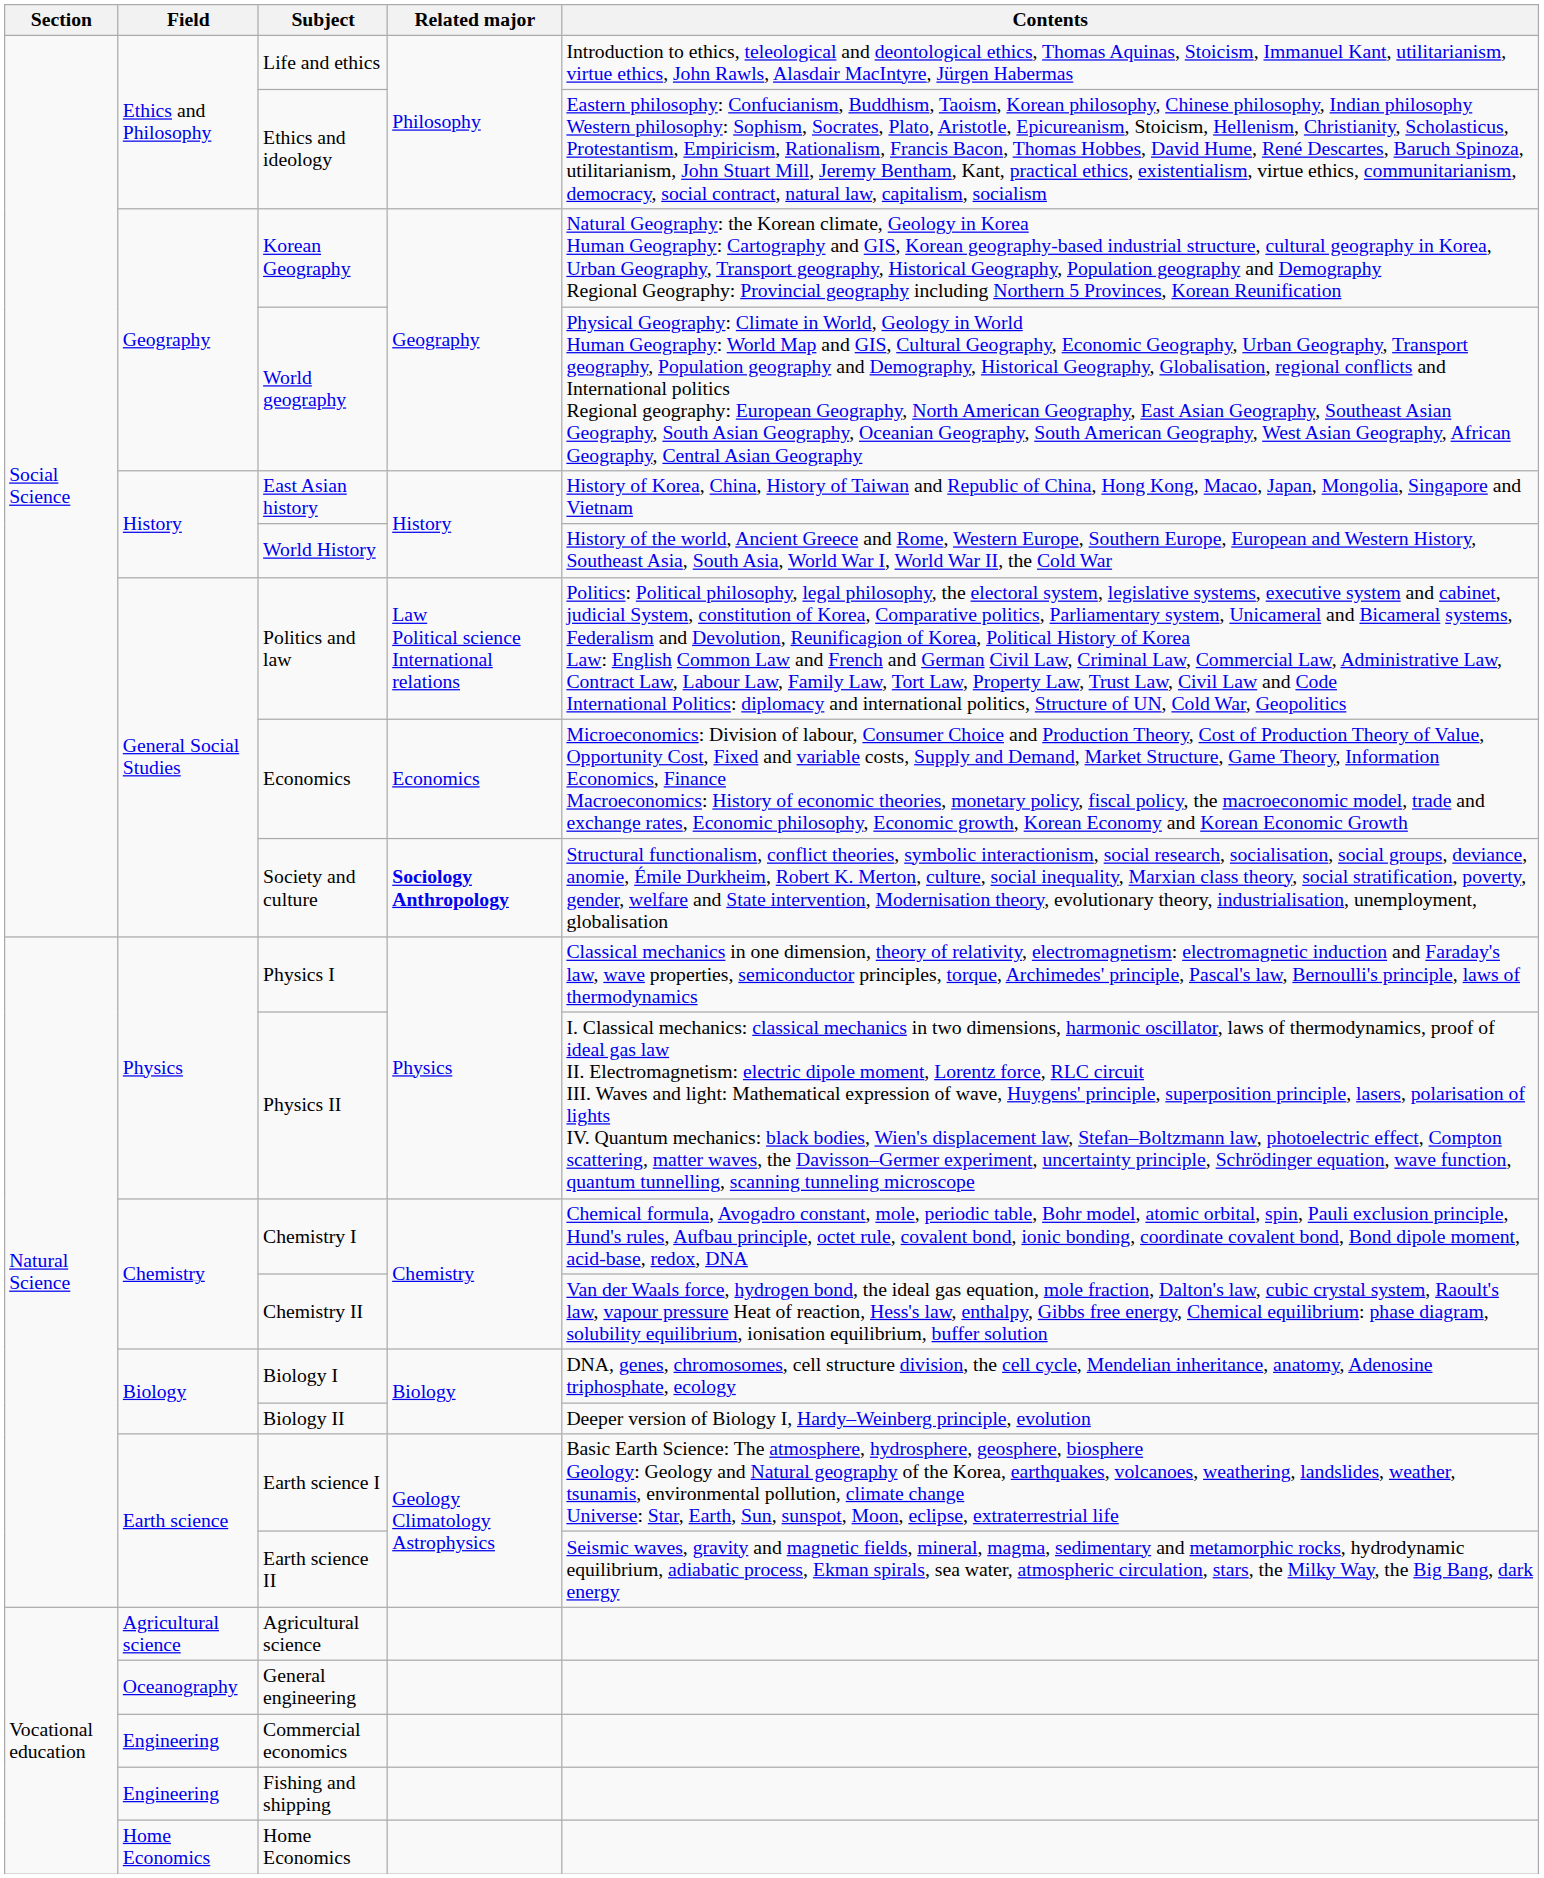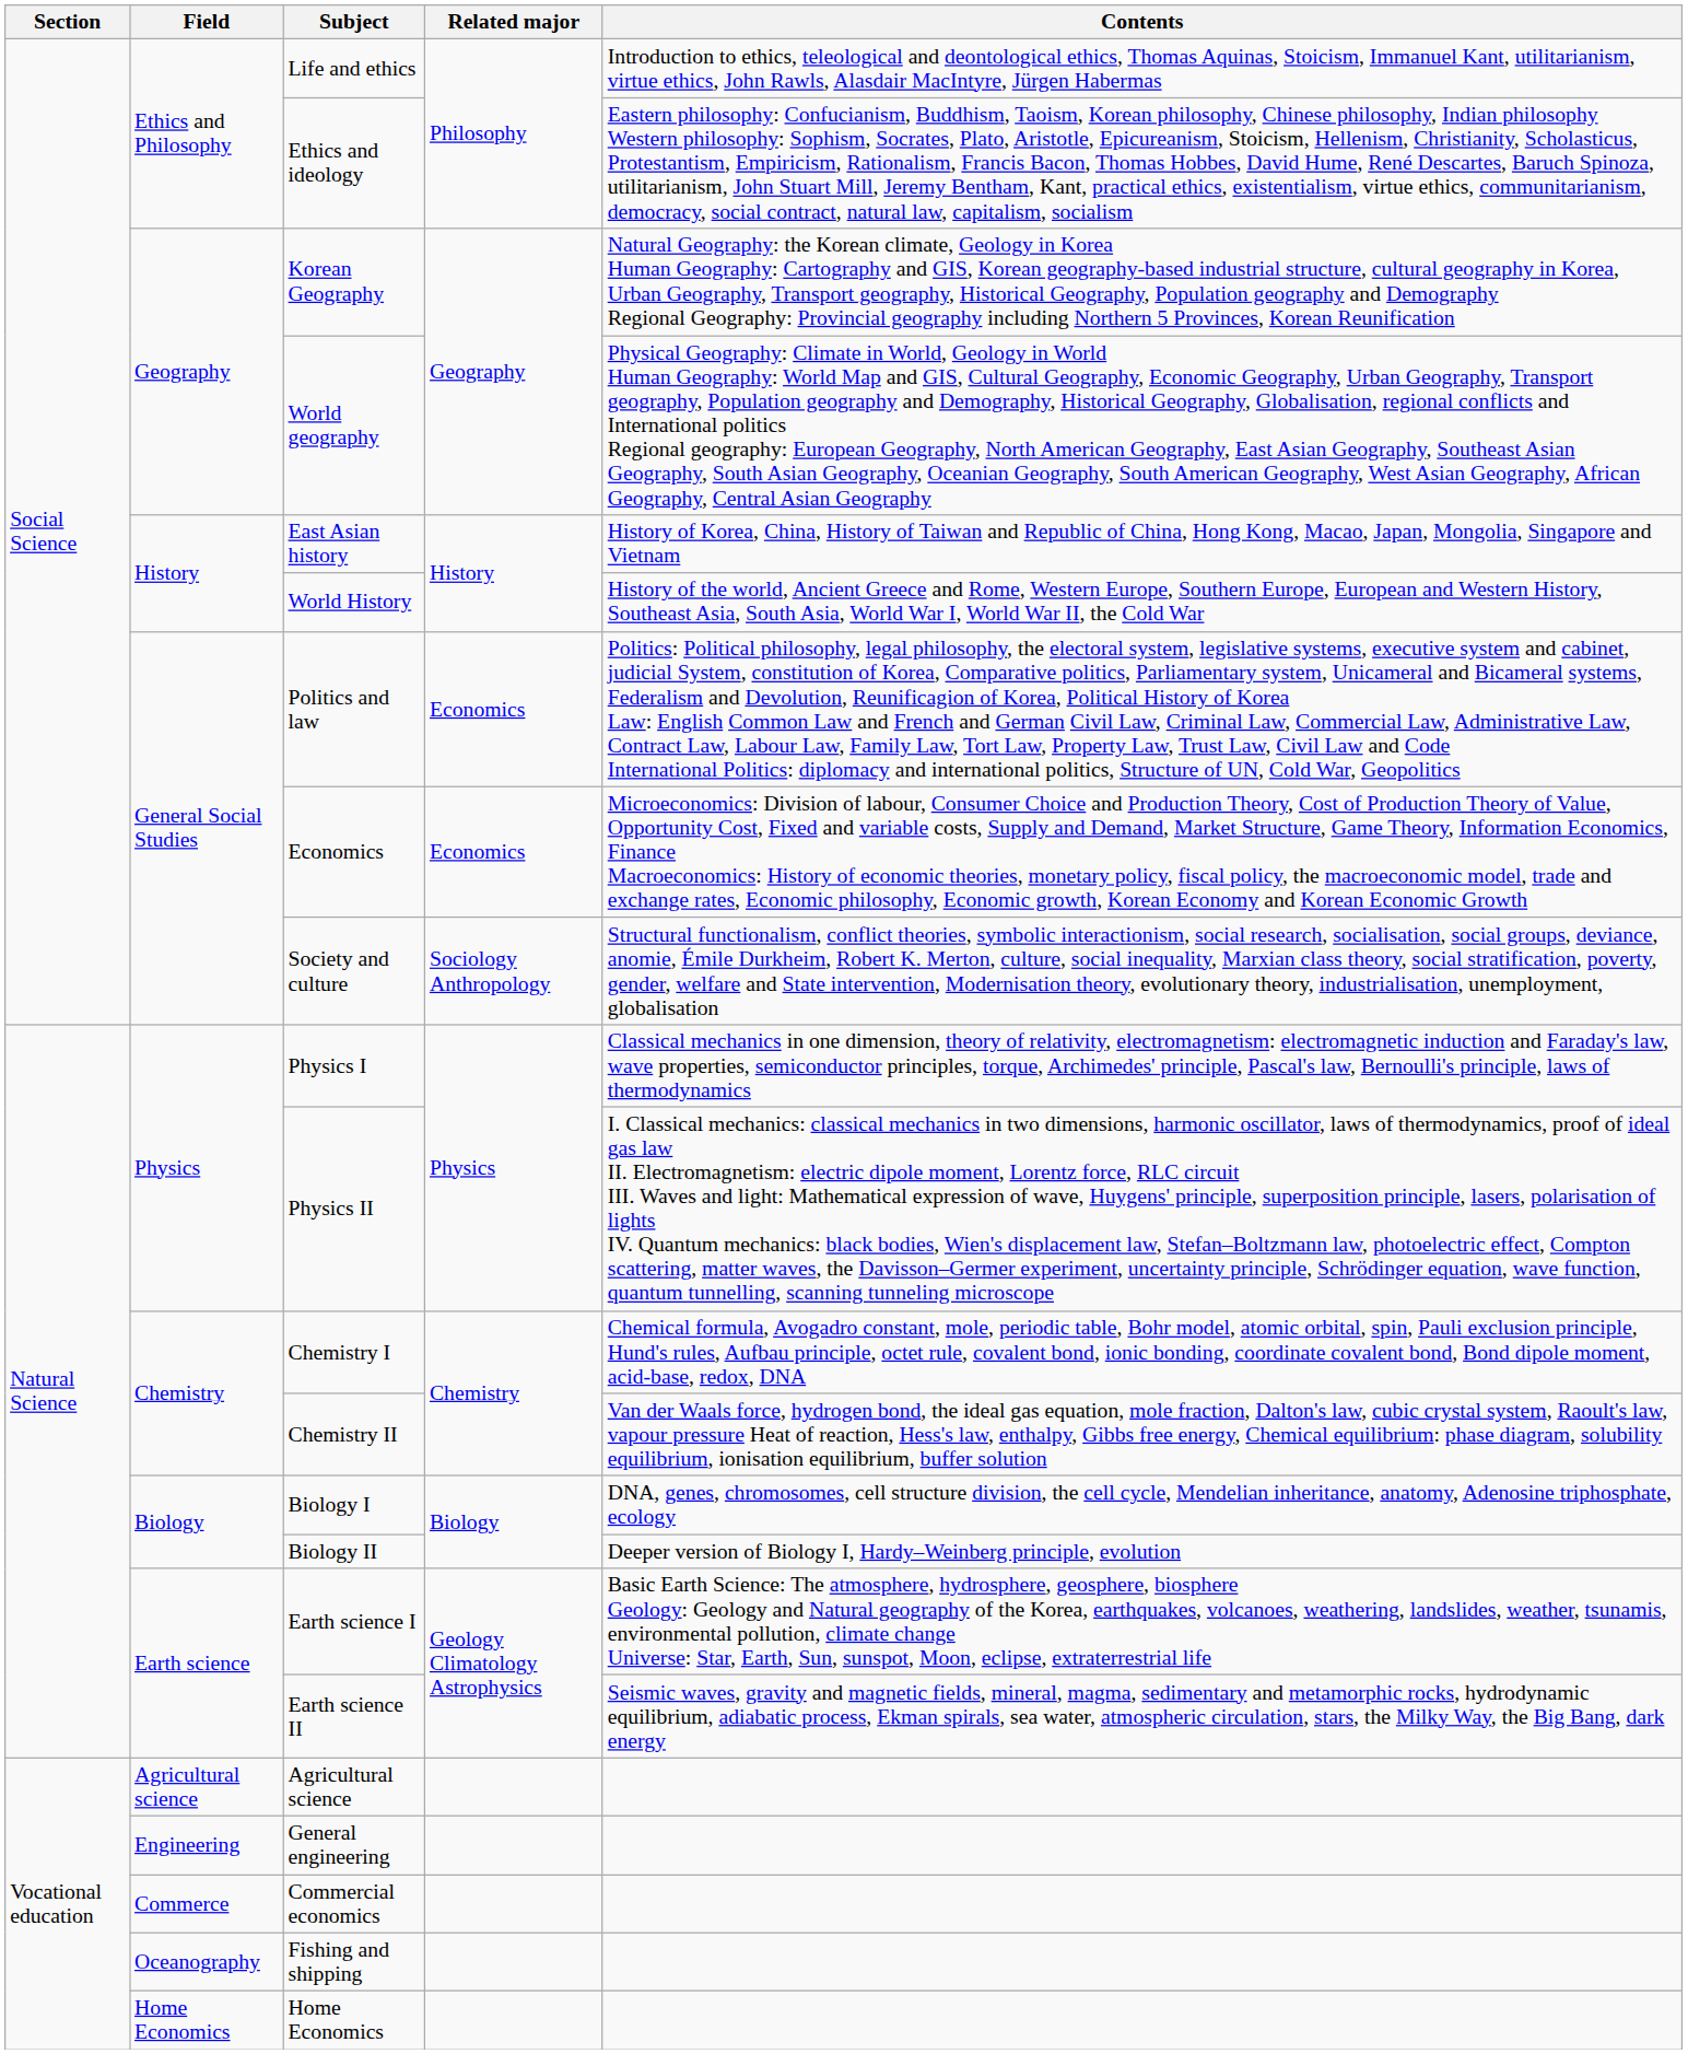 <table class="wikitable">
 <tr>
 <th>Section</th>
 <th>Field</th>
 <th>Subject</th>
 <th>Related major</th>
 <th>Contents</th>
 </tr>
 <tr>
 <td rowspan="9"><a href='#'>Social Science</a></td>
 <td rowspan="2"><a href='#'>Ethics</a> and <a href='#'>Philosophy</a></td>
 <td>Life and ethics</td>
 <td rowspan="2"><a href='#'>Philosophy</a></td>
 <td>Introduction to ethics, <a href='#'>teleological</a> and <a href='#'>deontological ethics</a>, <a href='#'>Thomas Aquinas</a>, <a href='#'>Stoicism</a>, <a href='#'>Immanuel Kant</a>, <a href='#'>utilitarianism</a>, <a href='#'>virtue ethics</a>, <a href='#'>John Rawls</a>, <a href='#'>Alasdair MacIntyre</a>, <a href='#'>Jürgen Habermas</a></td>
 </tr>
 <tr>
 <td>Ethics and ideology</td>
 <td><a href='#'>Eastern philosophy</a>: <a href='#'>Confucianism</a>, <a href='#'>Buddhism</a>, <a href='#'>Taoism</a>, <a href='#'>Korean philosophy</a>, <a href='#'>Chinese philosophy</a>, <a href='#'>Indian philosophy</a><br><a href='#'>Western philosophy</a>: <a href='#'>Sophism</a>, <a href='#'>Socrates</a>, <a href='#'>Plato</a>, <a href='#'>Aristotle</a>, <a href='#'>Epicureanism</a>, Stoicism, <a href='#'>Hellenism</a>, <a href='#'>Christianity</a>, <a href='#'>Scholasticus</a>, <a href='#'>Protestantism</a>, <a href='#'>Empiricism</a>, <a href='#'>Rationalism</a>, <a href='#'>Francis Bacon</a>, <a href='#'>Thomas Hobbes</a>, <a href='#'>David Hume</a>, <a href='#'>René Descartes</a>, <a href='#'>Baruch Spinoza</a>, utilitarianism, <a href='#'>John Stuart Mill</a>, <a href='#'>Jeremy Bentham</a>, Kant, <a href='#'>practical ethics</a>, <a href='#'>existentialism</a>, virtue ethics, <a href='#'>communitarianism</a>, <a href='#'>democracy</a>, <a href='#'>social contract</a>, <a href='#'>natural law</a>, <a href='#'>capitalism</a>, <a href='#'>socialism</a></td>
 </tr>
 <tr>
 <td rowspan="2"><a href='#'>Geography</a></td>
 <td><a href='#'>Korean Geography</a></td>
 <td rowspan="2"><a href='#'>Geography</a></td>
 <td><a href='#'>Natural Geography</a>: the Korean climate, <a href='#'>Geology in Korea</a><br><a href='#'>Human Geography</a>: <a href='#'>Cartography</a> and <a href='#'>GIS</a>, <a href='#'>Korean geography-based industrial structure</a>, <a href='#'>cultural geography in Korea</a>, <a href='#'>Urban Geography</a>, <a href='#'>Transport geography</a>, <a href='#'>Historical Geography</a>, <a href='#'>Population geography</a> and <a href='#'>Demography</a><br>Regional Geography: <a href='#'>Provincial geography</a> including <a href='#'>Northern 5 Provinces</a>, <a href='#'>Korean Reunification</a></td>
 </tr>
 <tr>
 <td><a href='#'>World geography</a></td>
 <td><a href='#'>Physical Geography</a>: <a href='#'>Climate in World</a>, <a href='#'>Geology in World</a><br><a href='#'>Human Geography</a>: <a href='#'>World Map</a> and <a href='#'>GIS</a>, <a href='#'>Cultural Geography</a>, <a href='#'>Economic Geography</a>, <a href='#'>Urban Geography</a>, <a href='#'>Transport geography</a>, <a href='#'>Population geography</a> and <a href='#'>Demography</a>, <a href='#'>Historical Geography</a>, <a href='#'>Globalisation</a>, <a href='#'>regional conflicts</a> and International politics<br>Regional geography: <a href='#'>European Geography</a>, <a href='#'>North American Geography</a>, <a href='#'>East Asian Geography</a>, <a href='#'>Southeast Asian Geography</a>, <a href='#'>South Asian Geography</a>, <a href='#'>Oceanian Geography</a>, <a href='#'>South American Geography</a>, <a href='#'>West Asian Geography</a>, <a href='#'>African Geography</a>, <a href='#'>Central Asian Geography</a></td>
 </tr>
 <tr>
 <td rowspan="2"><a href='#'>History</a></td>
 <td><a href='#'>East Asian history</a></td>
 <td rowspan="2"><a href='#'>History</a></td>
 <td><a href='#'>History of Korea</a>, <a href='#'>China</a>, <a href='#'>History of Taiwan</a> and <a href='#'>Republic of China</a>, <a href='#'>Hong Kong</a>, <a href='#'>Macao</a>, <a href='#'>Japan</a>, <a href='#'>Mongolia</a>, <a href='#'>Singapore</a> and <a href='#'>Vietnam</a></td>
 </tr>
 <tr>
 <td><a href='#'>World History</a></td>
 <td><a href='#'>History of the world</a>, <a href='#'>Ancient Greece</a> and <a href='#'>Rome</a>, <a href='#'>Western Europe</a>, <a href='#'>Southern Europe</a>, <a href='#'>European and Western History</a>, <a href='#'>Southeast Asia</a>, <a href='#'>South Asia</a>, <a href='#'>World War I</a>, <a href='#'>World War II</a>, the <a href='#'>Cold War</a></td>
 </tr>
 <tr>
 <td rowspan="3"><a href='#'>General Social Studies</a></td>
 <td>Politics and law</td>
-<td><a href='#'>Law</a><br><a href='#'>Political science</a> <a href='#'>International relations</a></td>
+<td><a href='#'>Economics</a></td>
 <td><a href='#'>Politics</a>: <a href='#'>Political philosophy</a>, <a href='#'>legal philosophy</a>, the <a href='#'>electoral system</a>, <a href='#'>legislative systems</a>, <a href='#'>executive system</a> and <a href='#'>cabinet</a>, <a href='#'>judicial System</a>, <a href='#'>constitution of Korea</a>, <a href='#'>Comparative politics</a>, <a href='#'>Parliamentary system</a>, <a href='#'>Unicameral</a> and <a href='#'>Bicameral</a> <a href='#'>systems</a>, <a href='#'>Federalism</a> and <a href='#'>Devolution</a>, <a href='#'>Reunificagion of Korea</a>, <a href='#'>Political History of Korea</a><br><a href='#'>Law</a>: <a href='#'>English</a> <a href='#'>Common Law</a> and <a href='#'>French</a> and <a href='#'>German</a> <a href='#'>Civil Law</a>, <a href='#'>Criminal Law</a>, <a href='#'>Commercial Law</a>, <a href='#'>Administrative Law</a>, <a href='#'>Contract Law</a>, <a href='#'>Labour Law</a>, <a href='#'>Family Law</a>, <a href='#'>Tort Law</a>, <a href='#'>Property Law</a>, <a href='#'>Trust Law</a>, <a href='#'>Civil Law</a> and <a href='#'>Code</a><br><a href='#'>International Politics</a>: <a href='#'>diplomacy</a> and international politics, <a href='#'>Structure of UN</a>, <a href='#'>Cold War</a>, <a href='#'>Geopolitics</a></td>
 </tr>
 <tr>
 <td rowspan-"4">Economics</td>
 <td><a href='#'>Economics</a></td>
 <td><a href='#'>Microeconomics</a>: Division of labour, <a href='#'>Consumer Choice</a> and <a href='#'>Production Theory</a>, <a href='#'>Cost of Production Theory of Value</a>, <a href='#'>Opportunity Cost</a>, <a href='#'>Fixed</a> and <a href='#'>variable</a> costs, <a href='#'>Supply and Demand</a>, <a href='#'>Market Structure</a>, <a href='#'>Game Theory</a>, <a href='#'>Information Economics</a>, <a href='#'>Finance</a><br><a href='#'>Macroeconomics</a>: <a href='#'>History of economic theories</a>, <a href='#'>monetary policy</a>, <a href='#'>fiscal policy</a>, the <a href='#'>macroeconomic model</a>, <a href='#'>trade</a> and <a href='#'>exchange rates</a>, <a href='#'>Economic philosophy</a>, <a href='#'>Economic growth</a>, <a href='#'>Korean Economy</a> and <a href='#'>Korean Economic Growth</a></td>
 </tr>
 <tr>
 <td>Society and culture</td>
-<td><strong><a href='#'>Sociology</a><br><a href='#'>Anthropology</a></strong></td>
+<td><a href='#'>Sociology</a><br><a href='#'>Anthropology</a></td>
 <td><a href='#'>Structural functionalism</a>, <a href='#'>conflict theories</a>, <a href='#'>symbolic interactionism</a>, <a href='#'>social research</a>, <a href='#'>socialisation</a>, <a href='#'>social groups</a>, <a href='#'>deviance</a>, <a href='#'>anomie</a>, <a href='#'>Émile Durkheim</a>, <a href='#'>Robert K. Merton</a>, <a href='#'>culture</a>, <a href='#'>social inequality</a>, <a href='#'>Marxian class theory</a>, <a href='#'>social stratification</a>, <a href='#'>poverty</a>, <a href='#'>gender</a>, <a href='#'>welfare</a> and <a href='#'>State intervention</a>, <a href='#'>Modernisation theory</a>, evolutionary theory, <a href='#'>industrialisation</a>, unemployment, globalisation</td>
 </tr>
 <tr>
 <td rowspan="8"><a href='#'>Natural Science</a></td>
 <td rowspan="2"><a href='#'>Physics</a></td>
 <td>Physics I</td>
 <td rowspan="2"><a href='#'>Physics</a></td>
 <td><a href='#'>Classical mechanics</a> in one dimension, <a href='#'>theory of relativity</a>, <a href='#'>electromagnetism</a>: <a href='#'>electromagnetic induction</a> and <a href='#'>Faraday's law</a>, <a href='#'>wave</a> properties, <a href='#'>semiconductor</a> principles, <a href='#'>torque</a>, <a href='#'>Archimedes' principle</a>, <a href='#'>Pascal's law</a>, <a href='#'>Bernoulli's principle</a>, <a href='#'>laws of thermodynamics</a></td>
 </tr>
 <tr>
 <td>Physics II</td>
 <td>I. Classical mechanics: <a href='#'>classical mechanics</a> in two dimensions, <a href='#'>harmonic oscillator</a>, laws of thermodynamics, proof of <a href='#'>ideal gas law</a><br>II. Electromagnetism: <a href='#'>electric dipole moment</a>, <a href='#'>Lorentz force</a>, <a href='#'>RLC circuit</a><br>III. Waves and light: Mathematical expression of wave, <a href='#'>Huygens' principle</a>, <a href='#'>superposition principle</a>, <a href='#'>lasers</a>, <a href='#'>polarisation of lights</a><br>IV. Quantum mechanics: <a href='#'>black bodies</a>, <a href='#'>Wien's displacement law</a>, <a href='#'>Stefan–Boltzmann law</a>, <a href='#'>photoelectric effect</a>, <a href='#'>Compton scattering</a>, <a href='#'>matter waves</a>, the <a href='#'>Davisson–Germer experiment</a>, <a href='#'>uncertainty principle</a>, <a href='#'>Schrödinger equation</a>, <a href='#'>wave function</a>, <a href='#'>quantum tunnelling</a>, <a href='#'>scanning tunneling microscope</a></td>
 </tr>
 <tr>
 <td rowspan="2"><a href='#'>Chemistry</a></td>
 <td>Chemistry I</td>
 <td rowspan="2"><a href='#'>Chemistry</a></td>
 <td><a href='#'>Chemical formula</a>, <a href='#'>Avogadro constant</a>, <a href='#'>mole</a>, <a href='#'>periodic table</a>, <a href='#'>Bohr model</a>, <a href='#'>atomic orbital</a>, <a href='#'>spin</a>, <a href='#'>Pauli exclusion principle</a>, <a href='#'>Hund's rules</a>, <a href='#'>Aufbau principle</a>, <a href='#'>octet rule</a>, <a href='#'>covalent bond</a>, <a href='#'>ionic bonding</a>, <a href='#'>coordinate covalent bond</a>, <a href='#'>Bond dipole moment</a>, <a href='#'>acid-base</a>, <a href='#'>redox</a>, <a href='#'>DNA</a></td>
 </tr>
 <tr>
 <td>Chemistry II</td>
 <td><a href='#'>Van der Waals force</a>, <a href='#'>hydrogen bond</a>, the ideal gas equation, <a href='#'>mole fraction</a>, <a href='#'>Dalton's law</a>, <a href='#'>cubic crystal system</a>, <a href='#'>Raoult's law</a>, <a href='#'>vapour pressure</a> Heat of reaction, <a href='#'>Hess's law</a>, <a href='#'>enthalpy</a>, <a href='#'>Gibbs free energy</a>, <a href='#'>Chemical equilibrium</a>: <a href='#'>phase diagram</a>, <a href='#'>solubility equilibrium</a>, ionisation equilibrium, <a href='#'>buffer solution</a></td>
 </tr>
 <tr>
 <td rowspan="2"><a href='#'>Biology</a></td>
 <td>Biology I</td>
 <td rowspan="2"><a href='#'>Biology</a></td>
 <td>DNA, <a href='#'>genes</a>, <a href='#'>chromosomes</a>, cell structure <a href='#'>division</a>, the <a href='#'>cell cycle</a>, <a href='#'>Mendelian inheritance</a>, <a href='#'>anatomy</a>, <a href='#'>Adenosine triphosphate</a>, <a href='#'>ecology</a></td>
 </tr>
 <tr>
 <td>Biology II</td>
 <td>Deeper version of Biology I, <a href='#'>Hardy–Weinberg principle</a>, <a href='#'>evolution</a></td>
 </tr>
 <tr>
 <td rowspan="2"><a href='#'>Earth science</a></td>
 <td>Earth science I</td>
 <td rowspan="2"><a href='#'>Geology</a> <a href='#'>Climatology</a> <a href='#'>Astrophysics</a></td>
 <td>Basic Earth Science: The <a href='#'>atmosphere</a>, <a href='#'>hydrosphere</a>, <a href='#'>geosphere</a>, <a href='#'>biosphere</a><br><a href='#'>Geology</a>: Geology and <a href='#'>Natural geography</a> of the Korea, <a href='#'>earthquakes</a>, <a href='#'>volcanoes</a>, <a href='#'>weathering</a>, <a href='#'>landslides</a>, <a href='#'>weather</a>, <a href='#'>tsunamis</a>, environmental pollution, <a href='#'>climate change</a><br><a href='#'>Universe</a>: <a href='#'>Star</a>, <a href='#'>Earth</a>, <a href='#'>Sun</a>, <a href='#'>sunspot</a>, <a href='#'>Moon</a>, <a href='#'>eclipse</a>, <a href='#'>extraterrestrial life</a></td>
 </tr>
 <tr>
 <td>Earth science II</td>
 <td><a href='#'>Seismic waves</a>, <a href='#'>gravity</a> and <a href='#'>magnetic fields</a>, <a href='#'>mineral</a>, <a href='#'>magma</a>, <a href='#'>sedimentary</a> and <a href='#'>metamorphic rocks</a>, hydrodynamic equilibrium, <a href='#'>adiabatic process</a>, <a href='#'>Ekman spirals</a>, sea water, <a href='#'>atmospheric circulation</a>, <a href='#'>stars</a>, the <a href='#'>Milky Way</a>, the <a href='#'>Big Bang</a>, <a href='#'>dark energy</a></td>
 </tr>
 <tr>
 <td rowspan="5">Vocational education</td>
 <td><a href='#'>Agricultural science</a></td>
 <td>Agricultural science</td>
 <td></td>
 <td></td>
 </tr>
 <tr>
-<td><a href='#'>Oceanography</a></td>
+<td><a href='#'>Engineering</a></td>
 <td>General engineering</td>
 <td></td>
 <td></td>
 </tr>
 <tr>
-<td><a href='#'>Engineering</a></td>
+<td><a href='#'>Commerce</a></td>
 <td>Commercial economics</td>
 <td></td>
 <td></td>
 </tr>
 <tr>
-<td><a href='#'>Engineering</a></td>
+<td><a href='#'>Oceanography</a></td>
 <td>Fishing and shipping</td>
 <td></td>
 <td></td>
 </tr>
 <tr>
 <td><a href='#'>Home Economics</a></td>
 <td>Home Economics</td>
 <td></td>
 <td></td>
 </tr>
 </table>
